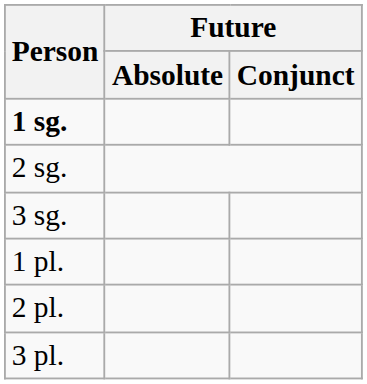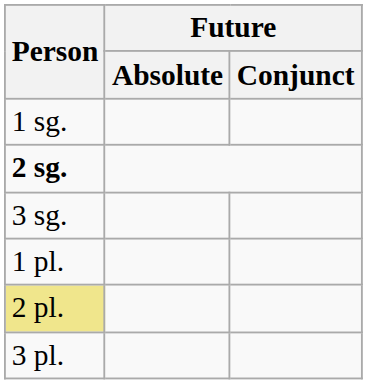 <table class=wikitable>
 <tr>
 <th rowspan=2>Person</th>
 <th colspan="2" style="text-align:center;">Future</th>
 </tr>
 <tr>
 <th>Absolute</th>
 <th>Conjunct</th>
 </tr>
 <tr>
-<td><strong>1 sg.</strong></td>
+<td>1 sg.</td>
 <td></td>
 <td></td>
 </tr>
 <tr>
-<td>2 sg.</td>
+<td><strong>2 sg.</strong></td>
 <td colspan="2" style="text-align:center;"></td>
 </tr>
 <tr>
 <td>3 sg.</td>
 <td></td>
 <td></td>
 </tr>
 <tr>
 <td>1 pl.</td>
 <td></td>
 <td></td>
 </tr>
 <tr>
-<td>2 pl.</td>
+<td style="background: khaki;">2 pl.</td>
 <td></td>
 <td></td>
 </tr>
 <tr>
 <td>3 pl.</td>
 <td></td>
 <td></td>
 </tr>
 </table>
